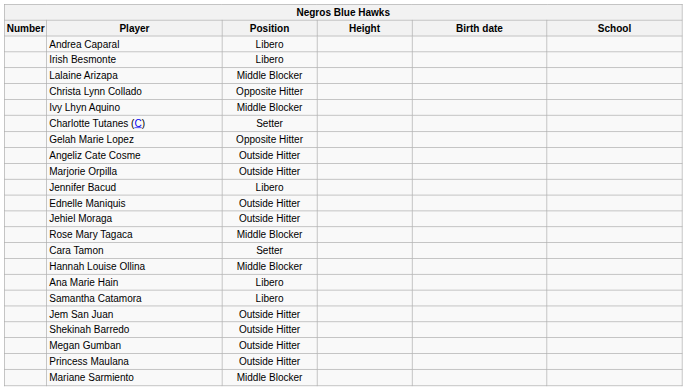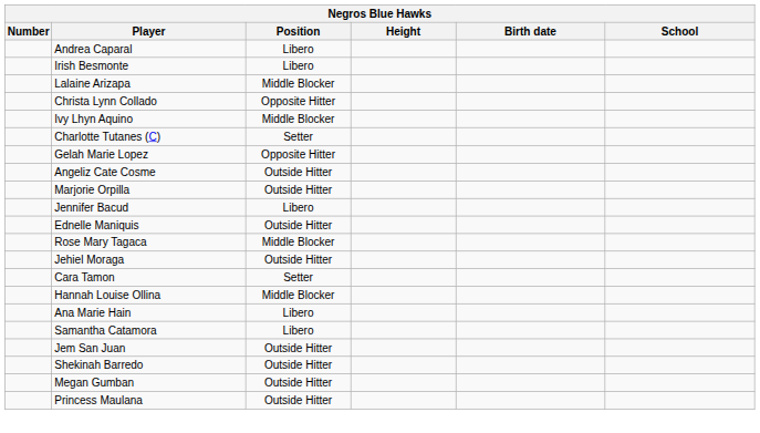 <table class="wikitable sortable" style="font-size:95%; text-align:left;">
 <tr>
 <th colspan="6"><strong>Negros Blue Hawks</strong></th>
 </tr>
 <tr style="background:#FFFFFF;">
 <th style= "align=center; width:1em;">Number</th>
 <th style= "align=center;width:17em;">Player</th>
 <th style= "align=center; width:9em;">Position</th>
 <th style= "align=center; width:9em;">Height</th>
 <th style= "align=center; width:13em;">Birth date</th>
 <th style= "align=center; width:13em;">School</th>
 </tr>
 <tr align=center>
 <td></td>
 <td align=left> Andrea Caparal</td>
 <td>Libero</td>
 <td></td>
 <td></td>
 <td></td>
 </tr>
 <tr align=center>
 <td></td>
 <td align=left> Irish Besmonte</td>
 <td>Libero</td>
 <td></td>
 <td></td>
 <td></td>
 </tr>
 <tr align=center>
 <td></td>
 <td align=left> Lalaine Arizapa</td>
 <td>Middle Blocker</td>
 <td></td>
 <td></td>
 <td></td>
 </tr>
 <tr align=center>
 <td></td>
 <td align=left> Christa Lynn Collado</td>
 <td>Opposite Hitter</td>
 <td></td>
 <td></td>
 <td></td>
 </tr>
 <tr align=center>
 <td></td>
 <td align=left> Ivy Lhyn Aquino</td>
 <td>Middle Blocker</td>
 <td></td>
 <td></td>
 <td></td>
 </tr>
 <tr align=center>
 <td></td>
 <td align=left> Charlotte Tutanes (<a href='#'>C</a>)</td>
 <td>Setter</td>
 <td></td>
 <td></td>
 <td></td>
 </tr>
 <tr align=center>
 <td></td>
 <td align=left> Gelah Marie Lopez</td>
 <td>Opposite Hitter</td>
 <td></td>
 <td></td>
 <td></td>
 </tr>
 <tr align=center>
 <td></td>
 <td align=left> Angeliz Cate Cosme</td>
 <td>Outside Hitter</td>
 <td></td>
 <td></td>
 <td></td>
 </tr>
 <tr align=center>
 <td></td>
 <td align=left> Marjorie Orpilla</td>
 <td>Outside Hitter</td>
 <td></td>
 <td></td>
 <td></td>
 </tr>
 <tr align=center>
 <td></td>
 <td align=left> Jennifer Bacud</td>
 <td>Libero</td>
 <td></td>
 <td></td>
 <td></td>
 </tr>
 <tr align=center>
 <td></td>
 <td align=left> Ednelle Maniquis</td>
 <td>Outside Hitter</td>
 <td></td>
 <td></td>
 <td></td>
 </tr>
 <tr align=center>
 <td></td>
-<td align=left> Jehiel Moraga</td>
-<td>Outside Hitter</td>
+<td align=left> Rose Mary Tagaca</td>
+<td>Middle Blocker</td>
 <td></td>
 <td></td>
 <td></td>
 </tr>
 <tr align=center>
 <td></td>
-<td align=left> Rose Mary Tagaca</td>
-<td>Middle Blocker</td>
+<td align=left> Jehiel Moraga</td>
+<td>Outside Hitter</td>
 <td></td>
 <td></td>
 <td></td>
 </tr>
 <tr align=center>
 <td></td>
 <td align=left> Cara Tamon</td>
 <td>Setter</td>
 <td></td>
 <td></td>
 <td></td>
 </tr>
 <tr align=center>
 <td></td>
 <td align=left> Hannah Louise Ollina</td>
 <td>Middle Blocker</td>
 <td></td>
 <td></td>
 <td></td>
 </tr>
 <tr align=center>
 <td></td>
 <td align=left> Ana Marie Hain</td>
 <td>Libero</td>
 <td></td>
 <td></td>
 <td></td>
 </tr>
 <tr align=center>
 <td></td>
 <td align=left> Samantha Catamora</td>
 <td>Libero</td>
 <td></td>
 <td></td>
 <td></td>
 </tr>
 <tr align=center>
 <td></td>
 <td align=left> Jem San Juan</td>
 <td>Outside Hitter</td>
 <td></td>
 <td></td>
 <td></td>
 </tr>
 <tr align=center>
 <td></td>
 <td align=left> Shekinah Barredo</td>
 <td>Outside Hitter</td>
 <td></td>
 <td></td>
 <td></td>
 </tr>
 <tr align=center>
 <td></td>
 <td align=left> Megan Gumban</td>
 <td>Outside Hitter</td>
 <td></td>
 <td></td>
 <td></td>
 </tr>
 <tr align=center>
 <td></td>
 <td align=left> Princess Maulana</td>
 <td>Outside Hitter</td>
 <td></td>
 <td></td>
 <td></td>
 </tr>
-<tr align=center>
-<td></td>
-<td align=left> Mariane Sarmiento</td>
-<td>Middle Blocker</td>
-<td></td>
-<td></td>
-<td></td>
-</tr>
 </table>
